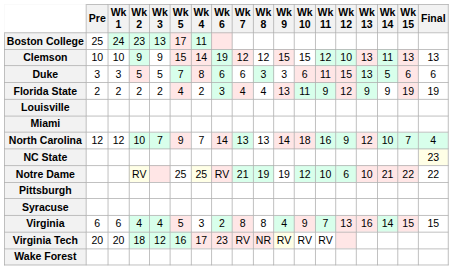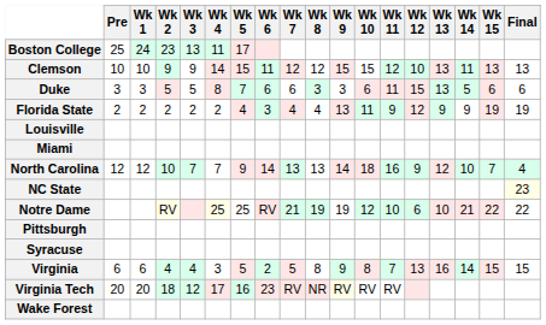 <table class="wikitable" style="white-space:nowrap;font-size:90%;">
 <tr>
 <th colspan=1 style="background:white; border-top-style:hidden; border-left-style:hidden;"> </th>
 <th>Pre</th>
 <th>Wk<br>1</th>
 <th>Wk<br>2</th>
 <th>Wk<br>3</th>
+<th>Wk<br>4</th>
 <th>Wk<br>5</th>
-<th>Wk<br>4</th>
 <th>Wk<br>6</th>
 <th>Wk<br>7</th>
 <th>Wk<br>8</th>
 <th>Wk<br>9</th>
 <th>Wk<br>10</th>
 <th>Wk<br>11</th>
 <th>Wk<br>12</th>
 <th>Wk<br>13</th>
 <th>Wk<br>14</th>
 <th>Wk<br>15</th>
 <th>Final</th>
 </tr>
 <tr style="text-align:center;">
 <th>Boston College</th>
 <td style="background:#FFF;"> 25</td>
 <td style="background:#D8FFEB;"> 24</td>
 <td style="background:#D8FFEB;"> 23</td>
 <td style="background:#D8FFEB;"> 13</td>
+<td style="background:#D8FFEB;"> 11</td>
 <td style="background:#FFE6E6;"> 17</td>
-<td style="background:#D8FFEB;"> 11</td>
 <td style="background:#FFE6E6;"></td>
 <td style="background:#FFF;"></td>
 <td style="background:#FFF;"></td>
 <td style="background:#FFF;"></td>
 <td style="background:#FFF;"></td>
 <td style="background:#FFF;"></td>
 <td style="background:#FFF;"></td>
 <td style="background:#FFF;"></td>
 <td style="background:#FFF;"></td>
 <td style="background:#FFF;"></td>
 <td style="background:#FFF;"></td>
 </tr>
 <tr style="text-align:center;">
 <th>Clemson</th>
 <td style="background:#FFFFFF;">10</td>
 <td style="background:#FFFFFF;">10</td>
 <td style="background:#D8FFEB;">9</td>
 <td style="background:#FFFFFF;">9</td>
+<td style="background:#FFE6E6;">14</td>
 <td style="background:#FFE6E6;">15</td>
-<td style="background:#FFE6E6;">14</td>
-<td style="background:#D8FFEB;">19</td>
+<td style="background:#D8FFEB;">11</td>
 <td style="background:#FFE6E6;">12</td>
 <td style="background:#FFFFFF;">12</td>
 <td style="background:#FFE6E6;">15</td>
 <td style="background:#FFFFFF;">15</td>
 <td style="background:#D8FFEB;">12</td>
 <td style="background:#D8FFEB;">10</td>
 <td style="background:#FFE6E6;">13</td>
 <td style="background:#D8FFEB;">11</td>
 <td style="background:#FFE6E6;">13</td>
 <td style="background:#FFFFFF;">13</td>
 </tr>
 <tr style="text-align:center;">
 <th>Duke</th>
 <td style="background:#FFF;"> 3</td>
 <td style="background:#FFF;"> 3</td>
 <td style="background:#FFE6E6;"> 5</td>
 <td style="background:#FFF;"> 5</td>
+<td style="background:#FFE6E6;"> 8</td>
 <td style="background:#D8FFEB;"> 7</td>
-<td style="background:#FFE6E6;"> 8</td>
 <td style="background:#D8FFEB;"> 6</td>
 <td style="background:#FFF;"> 6</td>
 <td style="background:#D8FFEB;"> 3</td>
 <td style="background:#FFF;"> 3</td>
 <td style="background:#FFE6E6;"> 6</td>
 <td style="background:#FFE6E6;"> 11</td>
 <td style="background:#FFE6E6;"> 15</td>
 <td style="background:#D8FFEB;"> 13</td>
 <td style="background:#D8FFEB;"> 5</td>
 <td style="background:#FFE6E6;"> 6</td>
 <td style="background:#FFF;"> 6</td>
 </tr>
 <tr style="text-align:center;">
 <th>Florida State</th>
 <td style="background:#FFF;"> 2</td>
 <td style="background:#FFF;"> 2</td>
 <td style="background:#FFF;"> 2</td>
 <td style="background:#FFF;"> 2</td>
+<td style="background:#FFF;"> 2</td>
 <td style="background:#FFE6E6;"> 4</td>
-<td style="background:#FFF;"> 2</td>
 <td style="background:#D8FFEB;"> 3</td>
 <td style="background:#FFE6E6;"> 4</td>
 <td style="background:#FFF;"> 4</td>
 <td style="background:#FFE6E6;"> 13</td>
 <td style="background:#D8FFEB;"> 11</td>
 <td style="background:#D8FFEB;"> 9</td>
 <td style="background:#FFE6E6;"> 12</td>
 <td style="background:#D8FFEB;"> 9</td>
 <td style="background:#FFF;"> 9</td>
 <td style="background:#FFE6E6;"> 19</td>
 <td style="background:#FFF;"> 19</td>
 </tr>
 <tr style="text-align:center;">
 <th>Louisville</th>
 <td style="background:#FFF;"></td>
 <td style="background:#FFF;"></td>
 <td style="background:#FFF;"></td>
 <td style="background:#FFF;"></td>
 <td style="background:#FFF;"></td>
 <td style="background:#FFF;"></td>
 <td style="background:#FFF;"></td>
 <td style="background:#FFF;"></td>
 <td style="background:#FFF;"></td>
 <td style="background:#FFF;"></td>
 <td style="background:#FFF;"></td>
 <td style="background:#FFF;"></td>
 <td style="background:#FFF;"></td>
 <td style="background:#FFF;"></td>
 <td style="background:#FFF;"></td>
 <td style="background:#FFF;"></td>
 <td style="background:#FFF;"></td>
 </tr>
 <tr style="text-align:center;">
 <th>Miami</th>
 <td style="background:#FFF;"></td>
 <td style="background:#FFF;"></td>
 <td style="background:#FFF;"></td>
 <td style="background:#FFF;"></td>
 <td style="background:#FFF;"></td>
 <td style="background:#FFF;"></td>
 <td style="background:#FFF;"></td>
 <td style="background:#FFF;"></td>
 <td style="background:#FFF;"></td>
 <td style="background:#FFF;"></td>
 <td style="background:#FFF;"></td>
 <td style="background:#FFF;"></td>
 <td style="background:#FFF;"></td>
 <td style="background:#FFF;"></td>
 <td style="background:#FFF;"></td>
 <td style="background:#FFF;"></td>
 <td style="background:#FFF;"></td>
 </tr>
 <tr style="text-align:center;">
 <th>North Carolina</th>
 <td style="background:#FFF;"> 12</td>
 <td style="background:#FFF;"> 12</td>
 <td style="background:#D8FFEB;"> 10</td>
 <td style="background:#D8FFEB;"> 7</td>
+<td style="background:#FFF;"> 7</td>
 <td style="background:#FFE6E6;"> 9</td>
-<td style="background:#FFF;"> 7</td>
 <td style="background:#FFE6E6;"> 14</td>
 <td style="background:#D8FFEB;"> 13</td>
 <td style="background:#FFF;"> 13</td>
 <td style="background:#FFE6E6;"> 14</td>
 <td style="background:#FFE6E6;"> 18</td>
 <td style="background:#D8FFEB;"> 16</td>
 <td style="background:#D8FFEB;"> 9</td>
 <td style="background:#FFE6E6;"> 12</td>
 <td style="background:#D8FFEB;"> 10</td>
 <td style="background:#D8FFEB;"> 7</td>
 <td style="background:#D8FFEB;"> 4</td>
 </tr>
 <tr style="text-align:center;">
 <th>NC State</th>
 <td style="background:#FFF;"></td>
 <td style="background:#FFF;"></td>
 <td style="background:#FFF;"></td>
 <td style="background:#FFF;"></td>
 <td style="background:#FFF;"></td>
 <td style="background:#FFF;"></td>
 <td style="background:#FFF;"></td>
 <td style="background:#FFF;"></td>
 <td style="background:#FFF;"></td>
 <td style="background:#FFF;"></td>
 <td style="background:#FFF;"></td>
 <td style="background:#FFF;"></td>
 <td style="background:#FFF;"></td>
 <td style="background:#FFF;"></td>
 <td style="background:#FFF;"></td>
 <td style="background:#FFF;"></td>
 <td style="background:#FFFFE6;"> 23</td>
 </tr>
 <tr style="text-align:center;">
 <th>Notre Dame</th>
 <td style="background:#FFF;"></td>
 <td style="background:#FFF;"></td>
 <td style="background:#FFFFE6;"> RV</td>
 <td style="background:#FFE6E6;"></td>
+<td style="background:#FFFFE6;"> 25</td>
 <td style="background:#FFF;"> 25</td>
-<td style="background:#FFFFE6;"> 25</td>
 <td style="background:#FFE6E6;"> RV</td>
 <td style="background:#D8FFEB;"> 21</td>
 <td style="background:#D8FFEB;"> 19</td>
 <td style="background:#FFF;"> 19</td>
 <td style="background:#D8FFEB;"> 12</td>
 <td style="background:#D8FFEB;"> 10</td>
 <td style="background:#D8FFEB;"> 6</td>
 <td style="background:#FFE6E6;"> 10</td>
 <td style="background:#FFE6E6;"> 21</td>
 <td style="background:#FFE6E6;"> 22</td>
 <td style="background:#FFF;"> 22</td>
 </tr>
 <tr style="text-align:center;">
 <th>Pittsburgh</th>
 <td style="background:#FFF;"></td>
 <td style="background:#FFF;"></td>
 <td style="background:#FFF;"></td>
 <td style="background:#FFF;"></td>
 <td style="background:#FFF;"></td>
 <td style="background:#FFF;"></td>
 <td style="background:#FFF;"></td>
 <td style="background:#FFF;"></td>
 <td style="background:#FFF;"></td>
 <td style="background:#FFF;"></td>
 <td style="background:#FFF;"></td>
 <td style="background:#FFF;"></td>
 <td style="background:#FFF;"></td>
 <td style="background:#FFF;"></td>
 <td style="background:#FFF;"></td>
 <td style="background:#FFF;"></td>
 <td style="background:#FFF;"></td>
 </tr>
 <tr style="text-align:center;">
 <th>Syracuse</th>
 <td style="background:#FFF;"></td>
 <td style="background:#FFF;"></td>
 <td style="background:#FFF;"></td>
 <td style="background:#FFF;"></td>
 <td style="background:#FFF;"></td>
 <td style="background:#FFF;"></td>
 <td style="background:#FFF;"></td>
 <td style="background:#FFF;"></td>
 <td style="background:#FFF;"></td>
 <td style="background:#FFF;"></td>
 <td style="background:#FFF;"></td>
 <td style="background:#FFF;"></td>
 <td style="background:#FFF;"></td>
 <td style="background:#FFF;"></td>
 <td style="background:#FFF;"></td>
 <td style="background:#FFF;"></td>
 <td style="background:#FFF;"></td>
 </tr>
 <tr style="text-align:center;">
 <th>Virginia</th>
 <td style="background:#FFF;"> 6</td>
 <td style="background:#FFF;"> 6</td>
 <td style="background:#D8FFEB;"> 4</td>
 <td style="background:#D8FFEB;"> 4</td>
+<td style="background:#FFF;"> 3</td>
 <td style="background:#FFE6E6;"> 5</td>
-<td style="background:#FFF;"> 3</td>
 <td style="background:#D8FFEB;"> 2</td>
+<td style="background:#FFE6E6;"> 5</td>
+<td style="background:#FFF;"> 8</td>
+<td style="background:#D8FFEB;"> 9</td>
 <td style="background:#FFE6E6;"> 8</td>
-<td style="background:#FFF;"> 8</td>
-<td style="background:#D8FFEB;"> 4</td>
-<td style="background:#FFE6E6;"> 9</td>
 <td style="background:#D8FFEB;"> 7</td>
 <td style="background:#FFE6E6;"> 13</td>
 <td style="background:#FFE6E6;"> 16</td>
 <td style="background:#D8FFEB;"> 14</td>
 <td style="background:#FFE6E6;"> 15</td>
 <td style="background:#FFF;"> 15</td>
 </tr>
 <tr style="text-align:center;">
 <th>Virginia Tech</th>
 <td style="background:#FFF;"> 20</td>
 <td style="background:#FFF;"> 20</td>
 <td style="background:#D8FFEB;"> 18</td>
 <td style="background:#D8FFEB;"> 12</td>
+<td style="background:#FFE6E6;"> 17</td>
 <td style="background:#D8FFEB;"> 16</td>
-<td style="background:#FFE6E6;"> 17</td>
 <td style="background:#FFE6E6;"> 23</td>
 <td style="background:#FFE6E6;"> RV</td>
 <td style="background:#FFE6E6;"> NR</td>
 <td style="background:#FFFFE6;"> RV</td>
 <td style="background:#FFF;"> RV</td>
 <td style="background:#FFF;"> RV</td>
 <td style="background:#FFE6E6;"></td>
 <td style="background:#FFF;"></td>
 <td style="background:#FFF;"></td>
 <td style="background:#FFF;"></td>
 <td style="background:#FFF;"></td>
 </tr>
 <tr style="text-align:center;">
 <th>Wake Forest</th>
 <td style="background:#FFF;"></td>
 <td style="background:#FFF;"></td>
 <td style="background:#FFF;"></td>
 <td style="background:#FFF;"></td>
 <td style="background:#FFF;"></td>
 <td style="background:#FFF;"></td>
 <td style="background:#FFF;"></td>
 <td style="background:#FFF;"></td>
 <td style="background:#FFF;"></td>
 <td style="background:#FFF;"></td>
 <td style="background:#FFF;"></td>
 <td style="background:#FFF;"></td>
 <td style="background:#FFF;"></td>
 <td style="background:#FFF;"></td>
 <td style="background:#FFF;"></td>
 <td style="background:#FFF;"></td>
 <td style="background:#FFF;"></td>
 </tr>
 </table>
